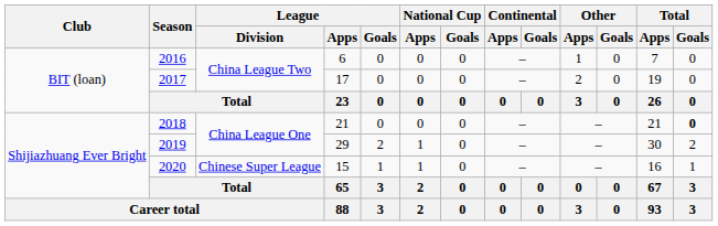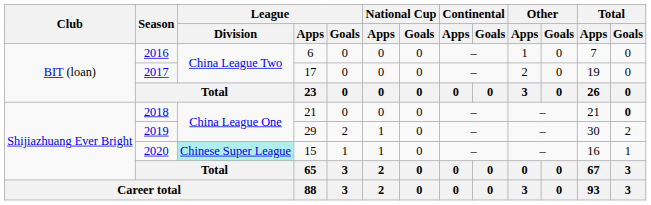 <table class="wikitable" style="text-align: center">
 <tr>
 <th rowspan="2">Club</th>
 <th rowspan="2">Season</th>
 <th colspan="3">League</th>
 <th colspan="2">National Cup</th>
 <th colspan="2">Continental</th>
 <th colspan="2">Other</th>
 <th colspan="2">Total</th>
 </tr>
 <tr>
 <th>Division</th>
 <th>Apps</th>
 <th>Goals</th>
 <th>Apps</th>
 <th>Goals</th>
 <th>Apps</th>
 <th>Goals</th>
 <th>Apps</th>
 <th>Goals</th>
 <th>Apps</th>
 <th>Goals</th>
 </tr>
 <tr>
 <td rowspan="3"><a href='#'>BIT</a> (loan)</td>
 <td><a href='#'>2016</a></td>
 <td rowspan="2"><a href='#'>China League Two</a></td>
 <td>6</td>
 <td>0</td>
 <td>0</td>
 <td>0</td>
 <td colspan="2">–</td>
 <td>1</td>
 <td>0</td>
 <td>7</td>
 <td>0</td>
 </tr>
 <tr>
 <td><a href='#'>2017</a></td>
 <td>17</td>
 <td>0</td>
 <td>0</td>
 <td>0</td>
 <td colspan="2">–</td>
 <td>2</td>
 <td>0</td>
 <td>19</td>
 <td>0</td>
 </tr>
 <tr>
 <th colspan=2>Total</th>
 <th>23</th>
 <th>0</th>
 <th>0</th>
 <th>0</th>
 <th>0</th>
 <th>0</th>
 <th>3</th>
 <th>0</th>
 <th>26</th>
 <th>0</th>
 </tr>
 <tr>
 <td rowspan="4"><a href='#'>Shijiazhuang Ever Bright</a></td>
 <td><a href='#'>2018</a></td>
 <td rowspan="2"><a href='#'>China League One</a></td>
 <td>21</td>
 <td>0</td>
 <td>0</td>
 <td>0</td>
 <td colspan="2">–</td>
 <td colspan="2">–</td>
 <td>21</td>
 <td><strong>0</strong></td>
 </tr>
 <tr>
 <td><a href='#'>2019</a></td>
 <td>29</td>
 <td>2</td>
 <td>1</td>
 <td>0</td>
 <td colspan="2">–</td>
 <td colspan="2">–</td>
 <td>30</td>
 <td>2</td>
 </tr>
 <tr>
 <td><a href='#'>2020</a></td>
-<td><a href='#'>Chinese Super League</a></td>
+<td style="background: paleturquoise;"><a href='#'>Chinese Super League</a></td>
 <td>15</td>
 <td>1</td>
 <td>1</td>
 <td>0</td>
 <td colspan="2">–</td>
 <td colspan="2">–</td>
 <td>16</td>
 <td>1</td>
 </tr>
 <tr>
 <th colspan=2>Total</th>
 <th>65</th>
 <th>3</th>
 <th>2</th>
 <th>0</th>
 <th>0</th>
 <th>0</th>
 <th>0</th>
 <th>0</th>
 <th>67</th>
 <th>3</th>
 </tr>
 <tr>
 <th colspan=3>Career total</th>
 <th>88</th>
 <th>3</th>
 <th>2</th>
 <th>0</th>
 <th>0</th>
 <th>0</th>
 <th>3</th>
 <th>0</th>
 <th>93</th>
 <th>3</th>
 </tr>
 </table>
